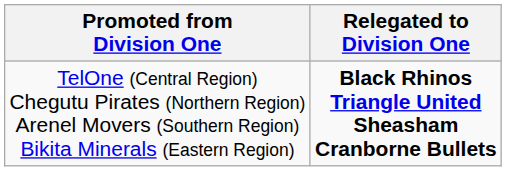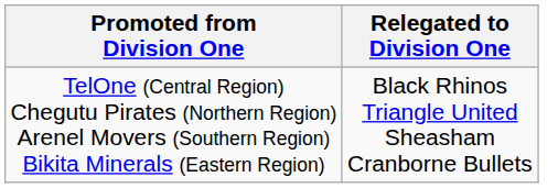 <table class="wikitable">
 <tr>
 <th> Promoted from<br><a href='#'>Division One</a></th>
 <th> Relegated to<br><a href='#'>Division One</a></th>
 </tr>
 <tr>
 <td align="center"><a href='#'>TelOne</a> <small>(Central Region)</small> <br> Chegutu Pirates <small>(Northern Region)</small> <br> Arenel Movers <small>(Southern Region)</small> <br> <a href='#'>Bikita Minerals</a> <small>(Eastern Region)</small></td>
-<td align="center"><strong>Black Rhinos <br> <a href='#'>Triangle United</a> <br> Sheasham <br> Cranborne Bullets</strong></td>
+<td align="center">Black Rhinos <br> <a href='#'>Triangle United</a> <br> Sheasham <br> Cranborne Bullets</td>
 </tr>
 </table>
